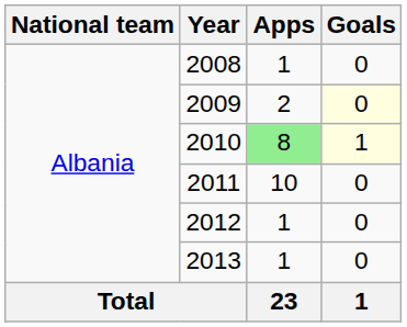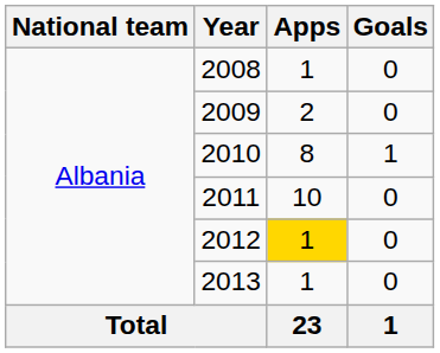 <table class=wikitable style="text-align: center;">
 <tr>
 <th>National team</th>
 <th>Year</th>
 <th>Apps</th>
 <th>Goals</th>
 </tr>
 <tr>
 <td rowspan=6><a href='#'>Albania</a></td>
 <td>2008</td>
 <td>1</td>
 <td>0</td>
 </tr>
 <tr>
 <td>2009</td>
 <td>2</td>
-<td style="background: lightyellow;">0</td>
+<td>0</td>
 </tr>
 <tr>
 <td>2010</td>
-<td style="background: lightgreen;">8</td>
-<td style="background: lightyellow;">1</td>
+<td>8</td>
+<td>1</td>
 </tr>
 <tr>
 <td>2011</td>
 <td>10</td>
 <td>0</td>
 </tr>
 <tr>
 <td>2012</td>
-<td>1</td>
+<td style="background: gold;">1</td>
 <td>0</td>
 </tr>
 <tr>
 <td>2013</td>
 <td>1</td>
 <td>0</td>
 </tr>
 <tr>
 <th colspan=2>Total</th>
 <th>23</th>
 <th>1</th>
 </tr>
 </table>
